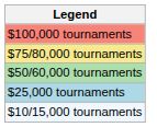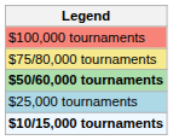 <table class="wikitable" style="font-size:85%">
 <tr>
 <th>Legend</th>
 </tr>
 <tr style="background:#f88379;">
 <td>$100,000 tournaments</td>
 </tr>
 <tr style="background:#f7e98e;">
 <td>$75/80,000 tournaments</td>
 </tr>
 <tr style="background:#addfad;">
-<td>$50/60,000 tournaments</td>
+<td><strong>$50/60,000 tournaments</strong></td>
 </tr>
 <tr style="background:lightblue;">
 <td>$25,000 tournaments</td>
 </tr>
 <tr style="background:#f0f8ff;">
-<td>$10/15,000 tournaments</td>
+<td><strong>$10/15,000 tournaments</strong></td>
 </tr>
 </table>
